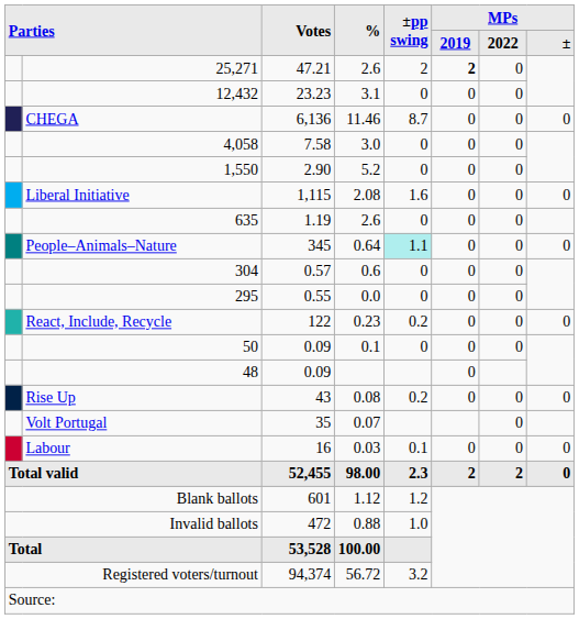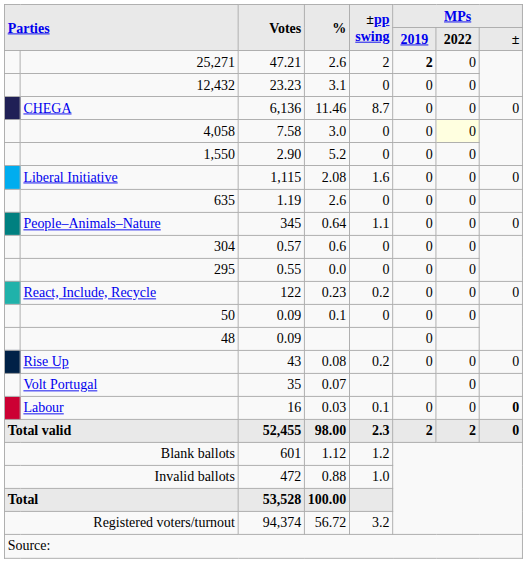 <table class="wikitable" style="text-align:right; font-size:95%;">
 <tr>
 <th rowspan="2" colspan="2" style="background:#e9e9e9; text-align:left;" alignleft><a href='#'>Parties</a></th>
 <th rowspan="2" style="background:#e9e9e9; text-align:right;">Votes</th>
 <th rowspan="2" style="background:#e9e9e9; text-align:right;">%</th>
 <th rowspan="2" style="background:#e9e9e9; text-align:right;">±<a href='#'>pp</a> <a href='#'>swing</a></th>
 <th colspan="3" style="background:#e9e9e9; text-align:center;"><a href='#'>MPs</a></th>
 </tr>
 <tr style="background-color:#E9E9E9">
 <th style="background-color:#E9E9E9;text-align:center;"><a href='#'>2019</a></th>
 <th style="background-color:#E9E9E9;text-align:center;">2022</th>
 <th style="background:#e9e9e9; text-align:right;">±</th>
 </tr>
 <tr>
 <td></td>
 <td>25,271</td>
 <td>47.21</td>
 <td>2.6</td>
 <td>2</td>
 <td><strong>2</strong></td>
 <td>0</td>
 </tr>
 <tr>
 <td></td>
 <td>12,432</td>
 <td>23.23</td>
 <td>3.1</td>
 <td>0</td>
 <td>0</td>
 <td>0</td>
 </tr>
 <tr>
 <td style="width: 10px" bgcolor="#202056" align="center"></td>
 <td align="left"><a href='#'>CHEGA</a></td>
 <td>6,136</td>
 <td>11.46</td>
 <td>8.7</td>
 <td>0</td>
 <td>0</td>
 <td>0</td>
 </tr>
 <tr>
 <td></td>
 <td>4,058</td>
 <td>7.58</td>
 <td>3.0</td>
 <td>0</td>
 <td>0</td>
-<td>0</td>
+<td style="background: lightyellow;">0</td>
 </tr>
 <tr>
 <td></td>
 <td>1,550</td>
 <td>2.90</td>
 <td>5.2</td>
 <td>0</td>
 <td>0</td>
 <td>0</td>
 </tr>
 <tr>
 <td style="width: 10px" bgcolor="#00ADEF" align="center"></td>
 <td align="left"><a href='#'>Liberal Initiative</a></td>
 <td>1,115</td>
 <td>2.08</td>
 <td>1.6</td>
 <td>0</td>
 <td>0</td>
 <td>0</td>
 </tr>
 <tr>
 <td></td>
 <td>635</td>
 <td>1.19</td>
 <td>2.6</td>
 <td>0</td>
 <td>0</td>
 <td>0</td>
 </tr>
 <tr>
 <td style="width: 10px" bgcolor="teal" align="center"></td>
 <td align="left"><a href='#'>People–Animals–Nature</a></td>
 <td>345</td>
 <td>0.64</td>
-<td style="background: paleturquoise;">1.1</td>
+<td>1.1</td>
 <td>0</td>
 <td>0</td>
 <td>0</td>
 </tr>
 <tr>
 <td></td>
 <td>304</td>
 <td>0.57</td>
 <td>0.6</td>
 <td>0</td>
 <td>0</td>
 <td>0</td>
 </tr>
 <tr>
 <td></td>
 <td>295</td>
 <td>0.55</td>
 <td>0.0</td>
 <td>0</td>
 <td>0</td>
 <td>0</td>
 </tr>
 <tr>
 <td style="width: 10px" bgcolor="LightSeaGreen" align="center"></td>
 <td align="left"><a href='#'>React, Include, Recycle</a></td>
 <td>122</td>
 <td>0.23</td>
 <td>0.2</td>
 <td>0</td>
 <td>0</td>
 <td>0</td>
 </tr>
 <tr>
 <td></td>
 <td>50</td>
 <td>0.09</td>
 <td>0.1</td>
 <td>0</td>
 <td>0</td>
 <td>0</td>
 </tr>
 <tr>
 <td></td>
 <td>48</td>
 <td>0.09</td>
 <td></td>
 <td></td>
 <td>0</td>
 <td></td>
 </tr>
 <tr>
 <td style="width: 10px" bgcolor="#002147" align="center"></td>
 <td align="left"><a href='#'>Rise Up</a></td>
 <td>43</td>
 <td>0.08</td>
 <td>0.2</td>
 <td>0</td>
 <td>0</td>
 <td>0</td>
 </tr>
 <tr>
 <td style="width: 10px"></td>
 <td align="left"><a href='#'>Volt Portugal</a></td>
 <td>35</td>
 <td>0.07</td>
 <td></td>
 <td></td>
 <td>0</td>
 <td></td>
 </tr>
 <tr>
 <td style="width: 10px" bgcolor="#CC0033" align="center"></td>
 <td align="left"><a href='#'>Labour</a></td>
 <td>16</td>
 <td>0.03</td>
 <td>0.1</td>
 <td>0</td>
 <td>0</td>
-<td>0</td>
+<td><strong>0</strong></td>
 </tr>
 <tr>
 <td colspan=2 width="247" align=left style="background-color:#E9E9E9"><strong>Total valid</strong></td>
 <td width="65" align="right" style="background-color:#E9E9E9"><strong>52,455</strong></td>
 <td width="40" align="right" style="background-color:#E9E9E9"><strong>98.00</strong></td>
 <td width="40" align="right" style="background-color:#E9E9E9"><strong>2.3</strong></td>
 <td width="40" align="right" style="background-color:#E9E9E9"><strong>2</strong></td>
 <td width="40" align="right" style="background-color:#E9E9E9"><strong>2</strong></td>
 <td width="40" align="right" style="background-color:#E9E9E9"><strong>0</strong></td>
 </tr>
 <tr>
 <td colspan=2>Blank ballots</td>
 <td>601</td>
 <td>1.12</td>
 <td>1.2</td>
 <td colspan=4 rowspan=4></td>
 </tr>
 <tr>
 <td colspan=2>Invalid ballots</td>
 <td>472</td>
 <td>0.88</td>
 <td>1.0</td>
 </tr>
 <tr>
 <td colspan=2 align=left style="background-color:#E9E9E9"><strong>Total</strong></td>
 <td width="50" align="right" style="background-color:#E9E9E9"><strong>53,528</strong></td>
 <td width="40" align="right" style="background-color:#E9E9E9"><strong>100.00</strong></td>
 <td width="40" align="right" style="background-color:#E9E9E9"></td>
 </tr>
 <tr>
 <td colspan=2>Registered voters/turnout</td>
 <td>94,374</td>
 <td>56.72</td>
 <td>3.2</td>
 </tr>
 <tr>
 <td colspan=11 align=left>Source: </td>
 </tr>
 </table>
